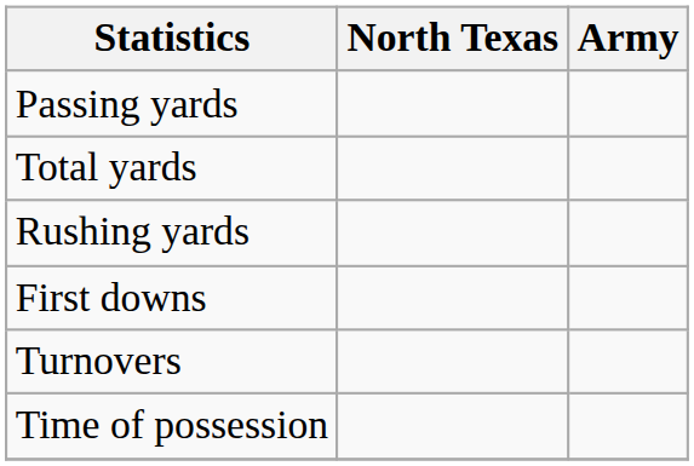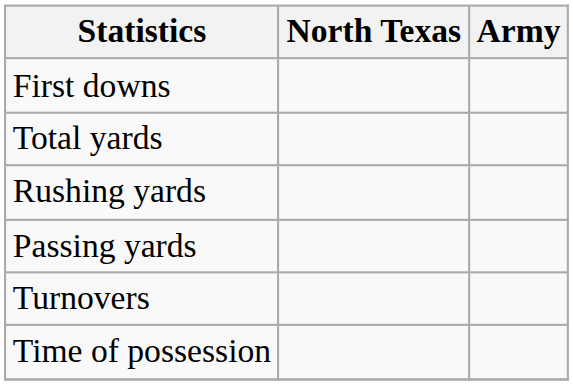 <table class="wikitable" style="float: left;">
 <tr>
 <th>Statistics</th>
 <th>North Texas</th>
 <th>Army</th>
 </tr>
 <tr>
-<td>Passing yards</td>
+<td>First downs</td>
 <td></td>
 <td></td>
 </tr>
 <tr>
 <td>Total yards</td>
 <td></td>
 <td></td>
 </tr>
 <tr>
 <td>Rushing yards</td>
 <td></td>
 <td></td>
 </tr>
 <tr>
-<td>First downs</td>
+<td>Passing yards</td>
 <td></td>
 <td></td>
 </tr>
 <tr>
 <td>Turnovers</td>
 <td></td>
 <td></td>
 </tr>
 <tr>
 <td>Time of possession</td>
 <td></td>
 <td></td>
 </tr>
 <tr>
 </tr>
 </table>
